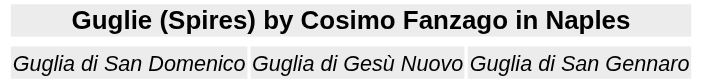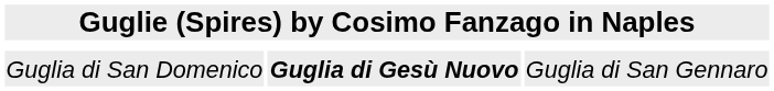 <table align=center>
 <tr>
 <th colspan="3" style="background:#ECECEC; "><strong>Guglie (Spires) by Cosimo Fanzago in Naples</strong></th>
 </tr>
 <tr>
 <td></td>
 <td></td>
 <td></td>
 </tr>
 <tr>
 <td style="background:#ECECEC; "><small><em>Guglia di San Domenico</em><br></small></td>
-<td style="background:#ECECEC;"><small><em>Guglia di Gesù Nuovo</em><br></small></td>
+<td style="background:#ECECEC;"><strong><small><em>Guglia di Gesù Nuovo</em><br></small></strong></td>
 <td style="background:#ECECEC;"><small><em>Guglia di San Gennaro</em><br></small></td>
 </tr>
 </table>
